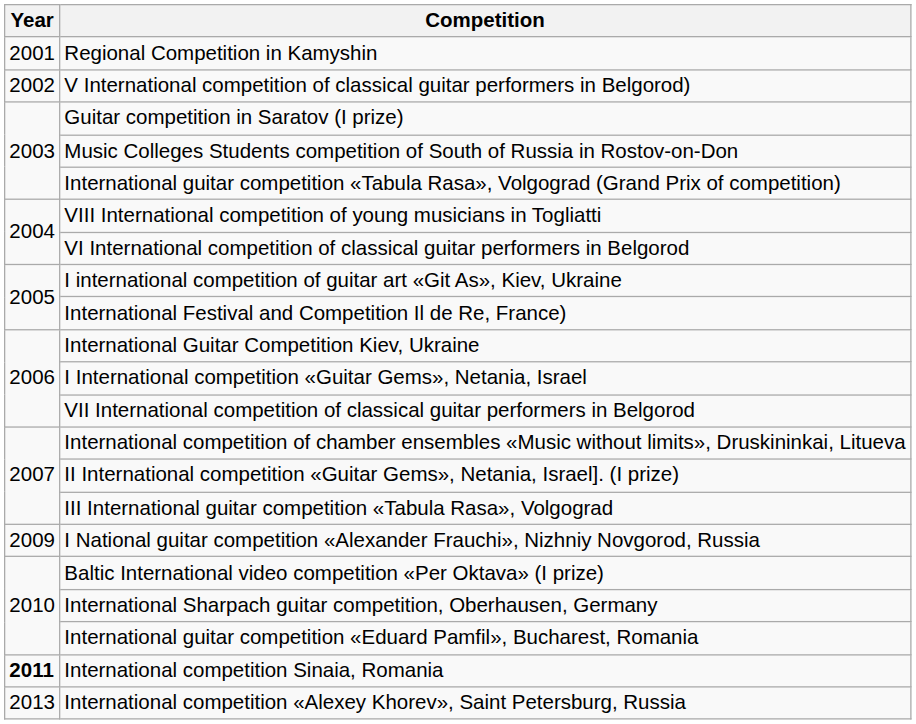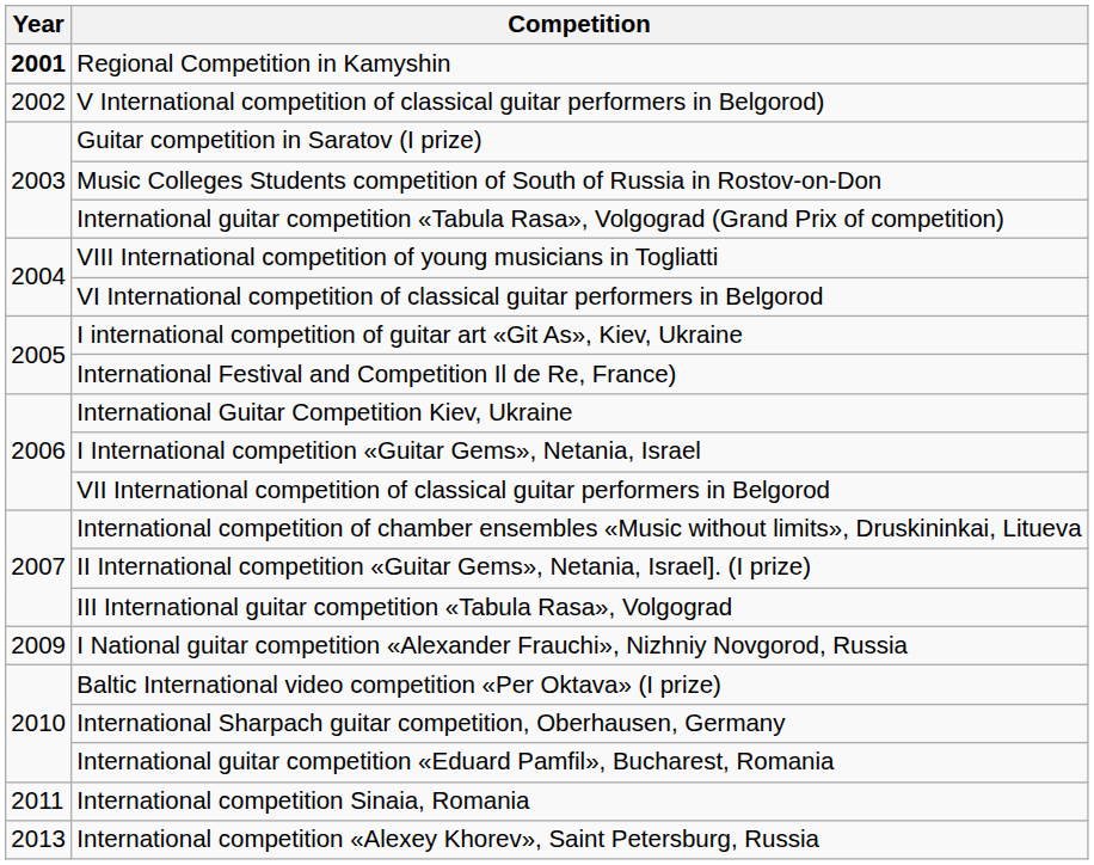 <table class="wikitable">
 <tr>
 <th>Year</th>
 <th>Competition</th>
 </tr>
 <tr>
-<td>2001</td>
+<td><strong>2001</strong></td>
 <td>Regional Competition in Kamyshin</td>
 </tr>
 <tr>
 <td>2002</td>
 <td>V International competition of classical guitar performers in Belgorod)</td>
 </tr>
 <tr>
 <td rowspan="3">2003</td>
 <td>Guitar competition in Saratov (I prize)</td>
 </tr>
 <tr>
 <td>Music Colleges Students competition of South of Russia in Rostov-on-Don</td>
 </tr>
 <tr>
 <td>International guitar competition «Tabula Rasa», Volgograd (Grand Prix of competition)</td>
 </tr>
 <tr>
 <td rowspan="2">2004</td>
 <td>VIII International competition of young musicians in Togliatti</td>
 </tr>
 <tr>
 <td>VI International competition of classical guitar performers in Belgorod</td>
 </tr>
 <tr>
 <td rowspan="2">2005</td>
 <td>I international competition of guitar art «Git As», Kiev, Ukraine</td>
 </tr>
 <tr>
 <td>International Festival and Competition Il de Re, France)</td>
 </tr>
 <tr>
 <td rowspan="3">2006</td>
 <td>International Guitar Competition Kiev, Ukraine</td>
 </tr>
 <tr>
 <td>I International competition «Guitar Gems», Netania, Israel</td>
 </tr>
 <tr>
 <td>VII International competition of classical guitar performers in Belgorod</td>
 </tr>
 <tr>
 <td rowspan="3">2007</td>
 <td>International competition of chamber ensembles «Music without limits», Druskininkai, Litueva</td>
 </tr>
 <tr>
 <td>II International competition «Guitar Gems», Netania, Israel]. (I prize)</td>
 </tr>
 <tr>
 <td>III International guitar competition «Tabula Rasa», Volgograd</td>
 </tr>
 <tr>
 <td>2009</td>
 <td>I National guitar competition «Alexander Frauchi», Nizhniy Novgorod, Russia</td>
 </tr>
 <tr>
 <td rowspan="3">2010</td>
 <td>Baltic International video competition «Per Oktava» (I prize)</td>
 </tr>
 <tr>
 <td>International Sharpach guitar competition, Oberhausen, Germany</td>
 </tr>
 <tr>
 <td>International guitar competition «Eduard Pamfil», Bucharest, Romania</td>
 </tr>
 <tr>
-<td><strong>2011</strong></td>
+<td>2011</td>
 <td>International competition Sinaia, Romania</td>
 </tr>
 <tr>
 <td>2013</td>
 <td>International competition «Alexey Khorev», Saint Petersburg, Russia</td>
 </tr>
 </table>
